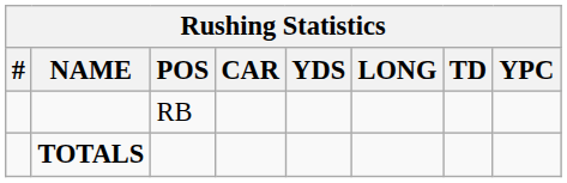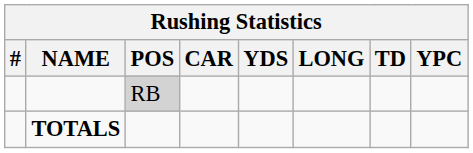 <table class="wikitable sortable collapsible collapsed">
 <tr>
 <th colspan="8">Rushing Statistics</th>
 </tr>
 <tr>
 <th>#</th>
 <th>NAME</th>
 <th>POS</th>
 <th>CAR</th>
 <th>YDS</th>
 <th>LONG</th>
 <th>TD</th>
 <th>YPC</th>
 </tr>
 <tr>
 <td></td>
 <td></td>
-<td>RB</td>
+<td style="background: lightgrey;">RB</td>
 <td></td>
 <td></td>
 <td></td>
 <td></td>
 <td></td>
 </tr>
 <tr>
 <td></td>
 <td><strong>TOTALS</strong></td>
 <td></td>
 <td></td>
 <td></td>
 <td></td>
 <td></td>
 <td></td>
 </tr>
 </table>
